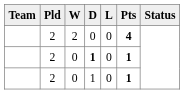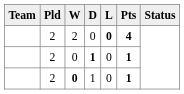 <table style=border-collapse:collapse border=1 cellspacing=0 cellpadding=5>
 <tr align=center bgcolor=#efefef>
 <th>Team</th>
 <th>Pld</th>
 <th>W</th>
 <th>D</th>
 <th>L</th>
 <th>Pts</th>
 <th>Status</th>
 </tr>
 <tr align=center style="background:#FFFFFF;">
 <td style="text-align:left;"> </td>
 <td>2</td>
 <td>2</td>
 <td>0</td>
-<td>0</td>
+<td><strong>0</strong></td>
 <td><strong>4</strong></td>
 <td rowspan=3></td>
 </tr>
 <tr align=center style="background:#FFFFFF;">
 <td style="text-align:left;"> </td>
 <td>2</td>
 <td>0</td>
 <td><strong>1</strong></td>
 <td>0</td>
 <td><strong>1</strong></td>
 </tr>
 <tr align=center style="background:#FFFFFF;">
 <td style="text-align:left;"> </td>
 <td>2</td>
-<td>0</td>
+<td><strong>0</strong></td>
 <td>1</td>
 <td>0</td>
 <td><strong>1</strong></td>
 </tr>
 </table>
